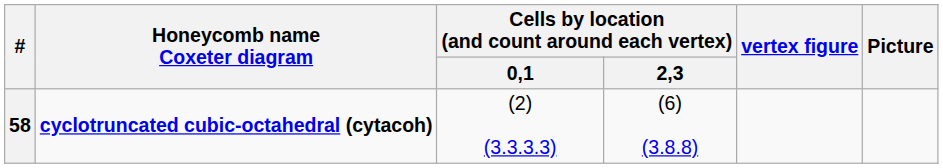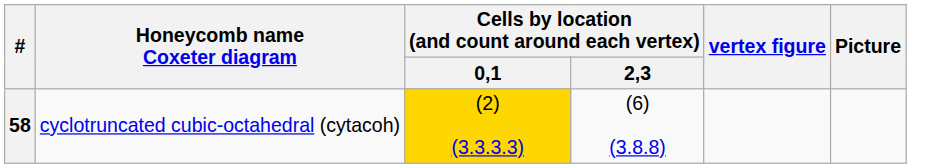 <table class="wikitable">
 <tr>
 <th rowspan=2>#</th>
 <th rowspan=2>Honeycomb name<br><a href='#'>Coxeter diagram</a><br></th>
 <th colspan=2>Cells by location<br>(and count around each vertex)</th>
 <th rowspan=2><a href='#'>vertex figure</a></th>
 <th rowspan=2>Picture</th>
 </tr>
 <tr>
 <th>0,1<br></th>
 <th>2,3<br></th>
 </tr>
 <tr align=center>
 <th>58</th>
-<td><strong><a href='#'>cyclotruncated cubic-octahedral</a> (cytacoh)<br></strong></td>
-<td>(2)<br><br><a href='#'>(3.3.3.3)</a></td>
+<td><a href='#'>cyclotruncated cubic-octahedral</a> (cytacoh)<br></td>
+<td style="background: gold;">(2)<br><br><a href='#'>(3.3.3.3)</a></td>
 <td>(6)<br><br><a href='#'>(3.8.8)</a></td>
 <td></td>
 <td></td>
 </tr>
 </table>
